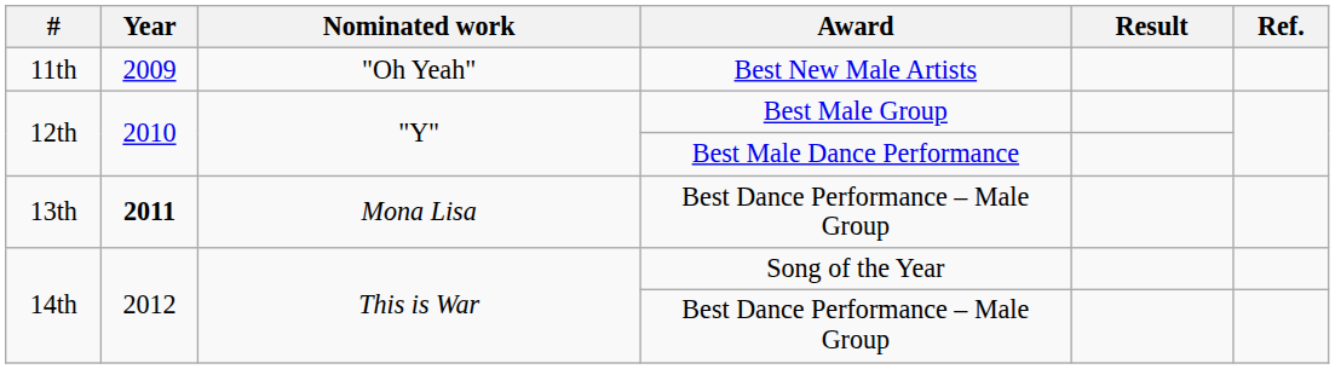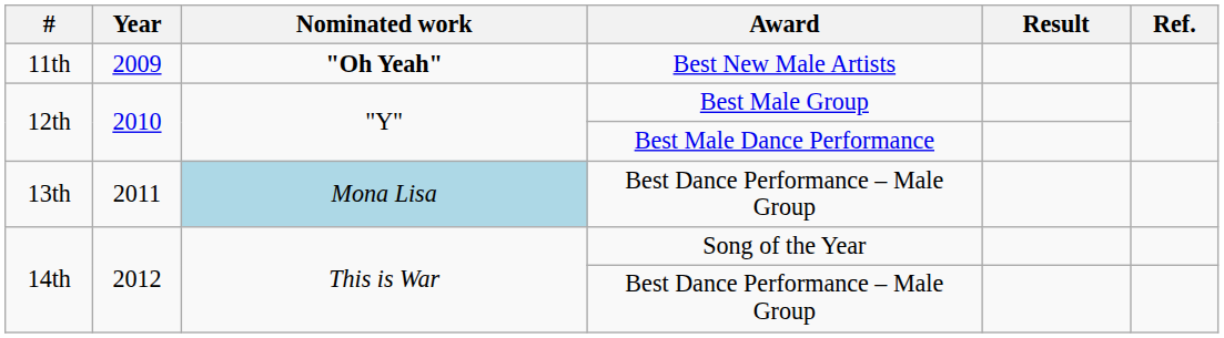 <table class="wikitable" style="text-align:center;">
 <tr>
 <th width="50">#</th>
 <th width="50">Year</th>
 <th width="258">Nominated work</th>
 <th width="250">Award</th>
 <th width="90">Result</th>
 <th width="50">Ref.</th>
 </tr>
 <tr>
 <td align="center">11th</td>
 <td align="center"><a href='#'>2009</a></td>
-<td align="center">"Oh Yeah"</td>
+<td align="center"><strong>"Oh Yeah"</strong></td>
 <td align="center"><a href='#'>Best New Male Artists</a></td>
 <td></td>
 <td></td>
 </tr>
 <tr>
 <td align="center" rowspan="2">12th</td>
 <td align="center" rowspan="2"><a href='#'>2010</a></td>
 <td align="center" rowspan="2">"Y"</td>
 <td align="center"><a href='#'>Best Male Group</a></td>
 <td></td>
 <td rowspan=2></td>
 </tr>
 <tr>
 <td align="center"><a href='#'>Best Male Dance Performance</a></td>
 <td></td>
 </tr>
 <tr>
 <td align="center">13th</td>
-<td align="center"><strong>2011</strong></td>
-<td align="center"><em>Mona Lisa</em></td>
+<td align="center">2011</td>
+<td align="center" style="background: lightblue;"><em>Mona Lisa</em></td>
 <td align="center">Best Dance Performance – Male Group</td>
 <td></td>
 <td></td>
 </tr>
 <tr>
 <td align="center" rowspan="2">14th</td>
 <td align="center" rowspan="2">2012</td>
 <td align="center" rowspan="2"><em>This is War</em></td>
 <td align="center">Song of the Year</td>
 <td></td>
 <td></td>
 </tr>
 <tr>
 <td align="center">Best Dance Performance – Male Group </td>
 <td></td>
 <td></td>
 </tr>
 </table>
